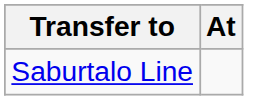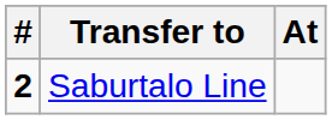 <table class="wikitable" style="border-collapse: collapse; text-align: left;">
 <tr>
+<th>#</th>
 <th>Transfer to</th>
 <th>At</th>
 </tr>
 <tr>
+<td style="background:#"><strong>2</strong></td>
 <td style="text-align: left;"><a href='#'>Saburtalo Line</a></td>
 <td></td>
 </tr>
 </table>
